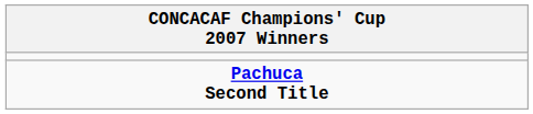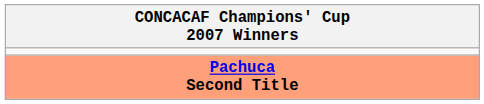 <table class="wikitable" style="text-align: center; margin: 0 auto; width: 20%">
 <tr>
 <th>CONCACAF Champions' Cup<br>2007 Winners</th>
 </tr>
 <tr>
 <td></td>
 </tr>
 <tr>
-<td><strong><a href='#'>Pachuca</a></strong><br><strong>Second Title</strong></td>
+<td style="background: lightsalmon;"><strong><a href='#'>Pachuca</a></strong><br><strong>Second Title</strong></td>
 </tr>
 </table>
